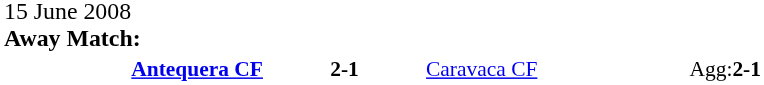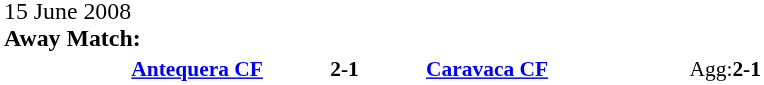 <table width=100% cellspacing=1>
 <tr>
 <th width=20%></th>
 <th width=12%></th>
 <th width=20%></th>
 <th></th>
 </tr>
 <tr>
 <td>15 June 2008<br><strong>Away Match:</strong></td>
 </tr>
 <tr style=font-size:90%>
 <td align=right><strong><a href='#'>Antequera CF</a></strong></td>
 <td align=center><strong>2-1</strong></td>
-<td><a href='#'>Caravaca CF</a></td>
+<td><strong><a href='#'>Caravaca CF</a></strong></td>
 <td>Agg:<strong>2-1</strong></td>
 </tr>
 </table>
